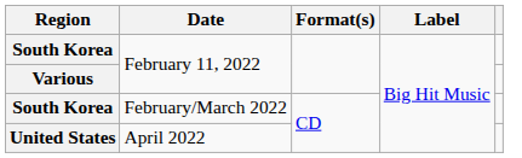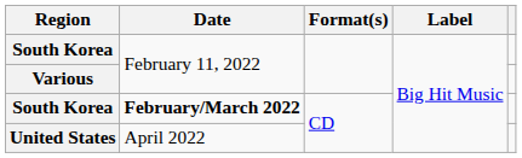 <table class="wikitable plainrowheaders">
 <tr>
 <th>Region</th>
 <th>Date</th>
 <th>Format(s)</th>
 <th>Label</th>
 <th></th>
 </tr>
 <tr>
 <th scope="row">South Korea</th>
 <td rowspan="2">February 11, 2022</td>
 <td rowspan="2"></td>
 <td rowspan="4"><a href='#'>Big Hit Music</a></td>
 <td style="text-align:center;"></td>
 </tr>
 <tr>
 <th scope="row">Various</th>
 <td style="text-align:center;"></td>
 </tr>
 <tr>
 <th scope="row">South Korea</th>
-<td>February/March 2022</td>
+<td><strong>February/March 2022</strong></td>
 <td rowspan="2"><a href='#'>CD</a></td>
 <td style="text-align:center;"></td>
 </tr>
 <tr>
 <th scope="row">United States</th>
 <td>April 2022</td>
 <td></td>
 </tr>
 </table>
